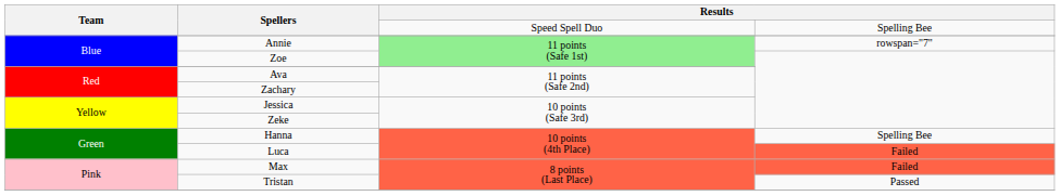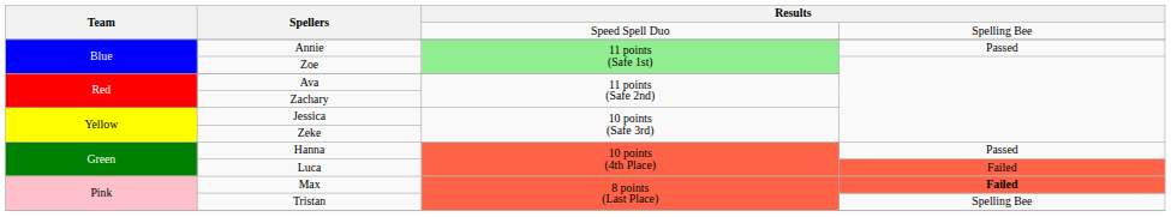 <table class="wikitable plainrowheaders" style="text-align:center; line-height:16px; width:100%;">
 <tr>
 <th rowspan="2">Team</th>
 <th rowspan="2">Spellers</th>
 <th colspan="2">Results</th>
 </tr>
 <tr>
 <td>Speed Spell Duo</td>
 <td>Spelling Bee</td>
 </tr>
 <tr>
 <td rowspan="3" style="background: blue; color: white;">Blue</td>
 </tr>
 <tr>
 <td>Annie </td>
 <td rowspan="2" style="background: lightgreen; color: black;">11 points<br>(Safe 1st)</td>
-<td>rowspan="7" </td>
+<td>Passed</td>
 </tr>
 <tr>
 <td>Zoe </td>
 </tr>
 <tr>
 <td rowspan="3" style="background: red; color: white;">Red</td>
 </tr>
 <tr>
 <td>Ava </td>
 <td rowspan="2">11 points<br>(Safe 2nd)</td>
 </tr>
 <tr>
 <td>Zachary </td>
 </tr>
 <tr>
 <td rowspan="2" style="background: yellow; color: black;">Yellow</td>
 <td>Jessica</td>
 <td rowspan="2">10 points<br>(Safe 3rd)</td>
 </tr>
 <tr>
 <td>Zeke </td>
 </tr>
 <tr>
 <td rowspan="2" style="background: green; color: white;">Green</td>
 <td>Hanna</td>
 <td rowspan="2" style="background: tomato; color: black;">10 points<br>(4th Place)</td>
-<td>Spelling Bee</td>
+<td>Passed</td>
 </tr>
 <tr>
 <td>Luca </td>
 <td style="background: tomato; color: black;">Failed</td>
 </tr>
 <tr>
 <td rowspan="2" style="background: pink; color: black;">Pink</td>
 <td>Max</td>
 <td rowspan="2" style="background: tomato; color: black;">8 points<br>(Last Place)</td>
-<td style="background: tomato; color: black;">Failed</td>
+<td style="background: tomato; color: black;"><strong>Failed</strong></td>
 </tr>
 <tr>
 <td>Tristan </td>
-<td>Passed</td>
+<td>Spelling Bee</td>
 </tr>
 <tr>
 </tr>
 </table>
